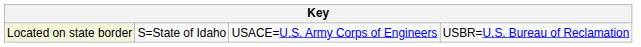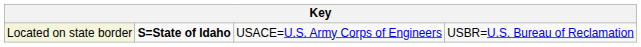 <table class="wikitable" border="1">
 <tr>
 <th colspan=5>Key</th>
 </tr>
 <tr>
 <td bgcolor="#F5F5DC">Located on state border</td>
-<td>S=State of Idaho</td>
+<td><strong>S=State of Idaho</strong></td>
 <td>USACE=<a href='#'>U.S. Army Corps of Engineers</a></td>
 <td>USBR=<a href='#'>U.S. Bureau of Reclamation</a></td>
 </tr>
 </table>
